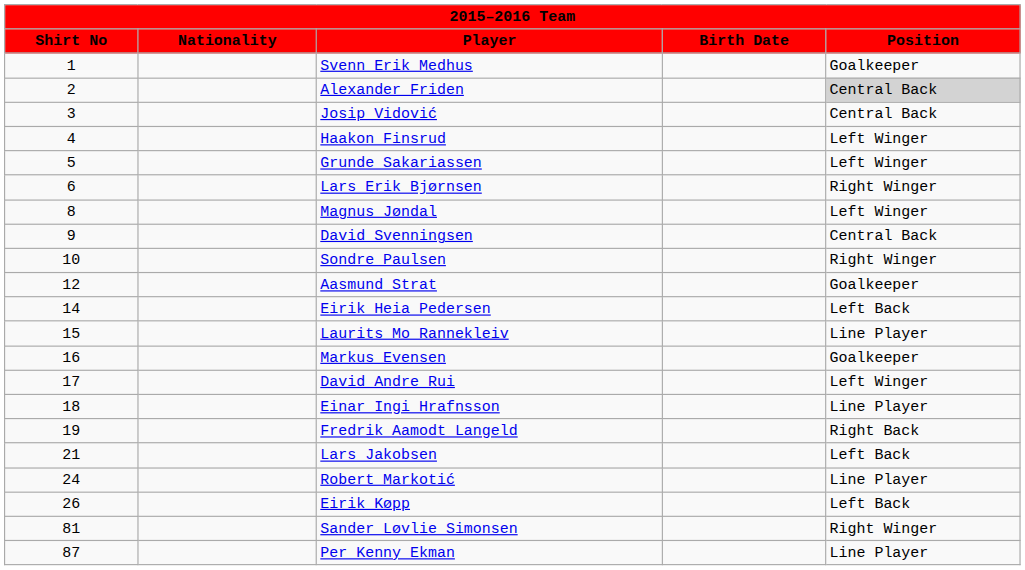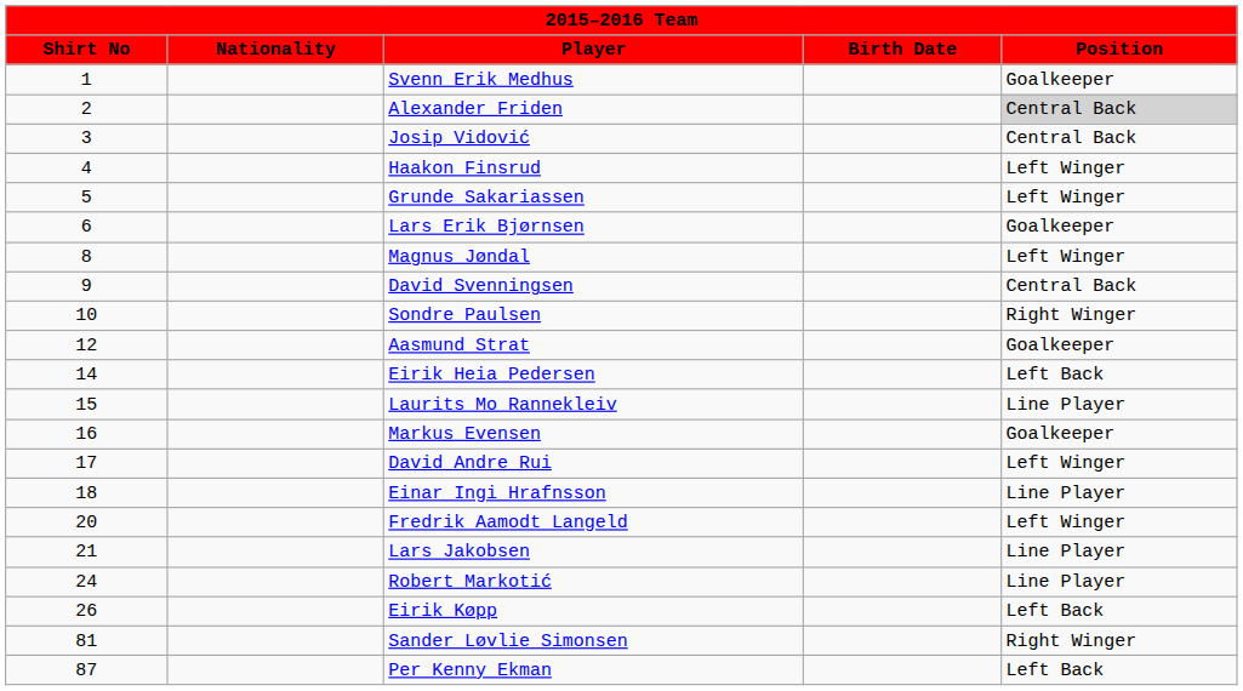 <table class="wikitable collapsible collapsed" style="width:100%">
 <tr>
 <th colspan=5 style="background-color:#FF0000;color:#000000;text-align:center;"> <strong>2015–2016 Team</strong></th>
 </tr>
 <tr>
 <th style="color:#000000; background:#FF0000">Shirt No</th>
 <th style="color:#000000; background:#FF0000">Nationality</th>
 <th style="color:#000000; background:#FF0000">Player</th>
 <th style="color:#000000; background:#FF0000">Birth Date</th>
 <th style="color:#000000; background:#FF0000">Position</th>
 </tr>
 <tr>
 <td align=center>1</td>
 <td></td>
 <td><a href='#'>Svenn Erik Medhus</a></td>
 <td></td>
 <td>Goalkeeper</td>
 </tr>
 <tr>
 <td align=center>2</td>
 <td></td>
 <td><a href='#'>Alexander Friden</a></td>
 <td></td>
 <td style="background: lightgrey;">Central Back</td>
 </tr>
 <tr>
 <td align=center>3</td>
 <td></td>
 <td><a href='#'>Josip Vidović</a></td>
 <td></td>
 <td>Central Back</td>
 </tr>
 <tr>
 <td align=center>4</td>
 <td></td>
 <td><a href='#'>Haakon Finsrud</a></td>
 <td></td>
 <td>Left Winger</td>
 </tr>
 <tr>
 <td align=center>5</td>
 <td></td>
 <td><a href='#'>Grunde Sakariassen</a></td>
 <td></td>
 <td>Left Winger</td>
 </tr>
 <tr>
 <td align=center>6</td>
 <td></td>
 <td><a href='#'>Lars Erik Bjørnsen</a></td>
 <td></td>
-<td>Right Winger</td>
+<td>Goalkeeper</td>
 </tr>
 <tr>
 <td align=center>8</td>
 <td></td>
 <td><a href='#'>Magnus Jøndal</a></td>
 <td></td>
 <td>Left Winger</td>
 </tr>
 <tr>
 <td align=center>9</td>
 <td></td>
 <td><a href='#'>David Svenningsen</a></td>
 <td></td>
 <td>Central Back</td>
 </tr>
 <tr>
 <td align=center>10</td>
 <td></td>
 <td><a href='#'>Sondre Paulsen</a></td>
 <td></td>
 <td>Right Winger</td>
 </tr>
 <tr>
 <td align=center>12</td>
 <td></td>
 <td><a href='#'>Aasmund Strat</a></td>
 <td></td>
 <td>Goalkeeper</td>
 </tr>
 <tr>
 <td align=center>14</td>
 <td></td>
 <td><a href='#'>Eirik Heia Pedersen</a></td>
 <td></td>
 <td>Left Back</td>
 </tr>
 <tr>
 <td align=center>15</td>
 <td></td>
 <td><a href='#'>Laurits Mo Rannekleiv</a></td>
 <td></td>
 <td>Line Player</td>
 </tr>
 <tr>
 <td align=center>16</td>
 <td></td>
 <td><a href='#'>Markus Evensen</a></td>
 <td></td>
 <td>Goalkeeper</td>
 </tr>
 <tr>
 <td align=center>17</td>
 <td></td>
 <td><a href='#'>David Andre Rui</a></td>
 <td></td>
 <td>Left Winger</td>
 </tr>
 <tr>
 <td align=center>18</td>
 <td></td>
 <td><a href='#'>Einar Ingi Hrafnsson</a></td>
 <td></td>
 <td>Line Player</td>
 </tr>
 <tr>
-<td align=center>19</td>
+<td align=center>20</td>
 <td></td>
 <td><a href='#'>Fredrik Aamodt Langeld</a></td>
 <td></td>
-<td>Right Back</td>
+<td>Left Winger</td>
 </tr>
 <tr>
 <td align=center>21</td>
 <td></td>
 <td><a href='#'>Lars Jakobsen</a></td>
 <td></td>
-<td>Left Back</td>
+<td>Line Player</td>
 </tr>
 <tr>
 <td align=center>24</td>
 <td></td>
 <td><a href='#'>Robert Markotić</a></td>
 <td></td>
 <td>Line Player</td>
 </tr>
 <tr>
 <td align=center>26</td>
 <td></td>
 <td><a href='#'>Eirik Køpp</a></td>
 <td></td>
 <td>Left Back</td>
 </tr>
 <tr>
 <td align=center>81</td>
 <td></td>
 <td><a href='#'>Sander Løvlie Simonsen</a></td>
 <td></td>
 <td>Right Winger</td>
 </tr>
 <tr>
 <td align=center>87</td>
 <td></td>
 <td><a href='#'>Per Kenny Ekman</a></td>
 <td></td>
-<td>Line Player</td>
+<td>Left Back</td>
 </tr>
 </table>
